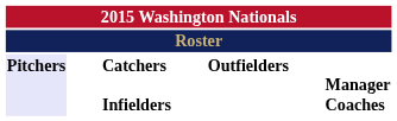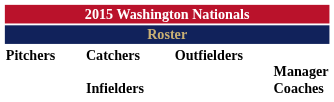 <table class="toccolours" style="font-size: 95%;">
 <tr>
 <th colspan="10" style="background-color: #ba122b; color: #FFFFFF; text-align: center;">2015 Washington Nationals</th>
 </tr>
 <tr>
 <td colspan="10" style="background-color: #11225b; color: #c9b074; text-align: center;"><strong>Roster</strong></td>
 </tr>
 <tr>
-<td valign="top" style="background: lavender;"><strong>Pitchers</strong><br>                       </td>
+<td valign="top"><strong>Pitchers</strong><br>                       </td>
 <td width="25px"></td>
 <td valign="top"><strong>Catchers</strong><br>  <br><strong>Infielders</strong>           </td>
 <td width="25px"></td>
 <td valign="top"><strong>Outfielders</strong><br>     </td>
 <td width="25px"></td>
 <td valign="top"><br><strong>Manager</strong><br><strong>Coaches</strong>              </td>
 </tr>
 <tr>
 </tr>
 </table>
